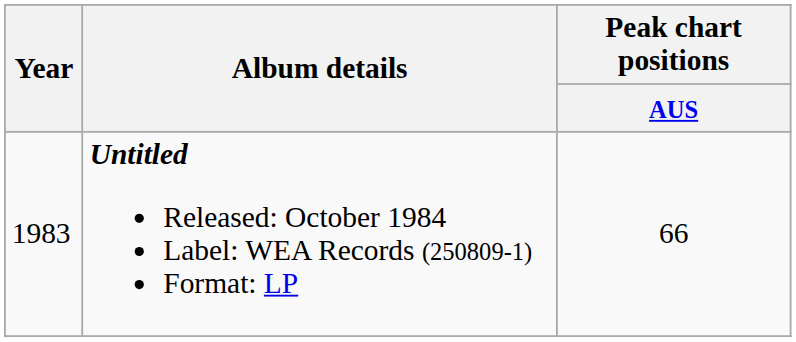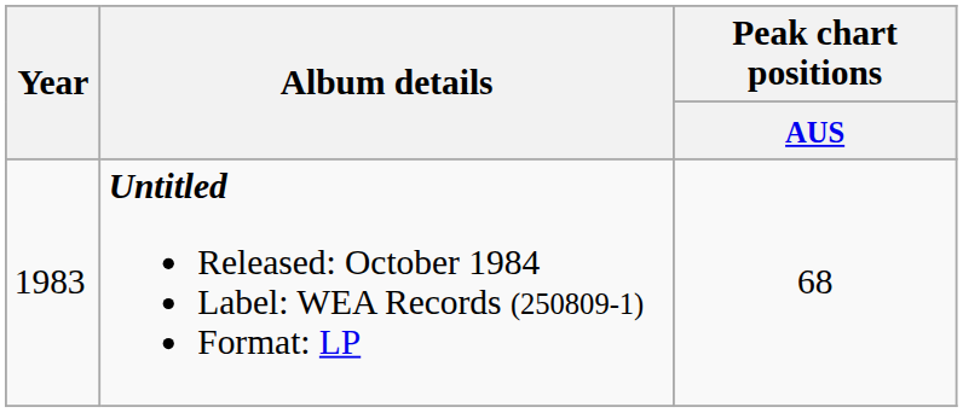 <table class="wikitable">
 <tr>
 <th rowspan="2" style="width:35px;">Year</th>
 <th rowspan="2" style="width:250px;">Album details</th>
 <th style="width:120px;">Peak chart positions</th>
 </tr>
 <tr>
 <th style="width:30px;"><small><a href='#'>AUS</a><br></small></th>
 </tr>
 <tr>
 <td>1983</td>
 <td><strong><em>Untitled</em></strong><br><ul><li>Released: October 1984</li><li>Label: WEA Records <small>(250809-1)</small></li><li>Format: <a href='#'>LP</a></li></ul></td>
-<td style="text-align:center;">66</td>
+<td style="text-align:center;">68</td>
 </tr>
 </table>
